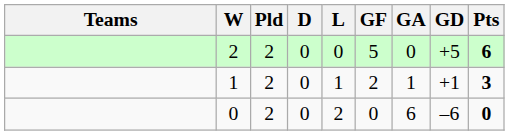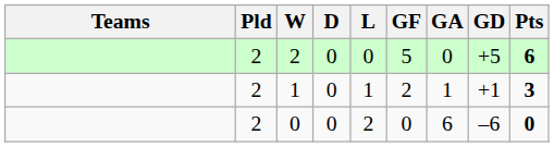 <table class="wikitable" style="text-align: center;">
 <tr>
 <th width=165>Teams</th>
+<th width=20>Pld</th>
 <th width=20>W</th>
-<th width=20>Pld</th>
 <th width=20>D</th>
 <th width=20>L</th>
 <th width=20>GF</th>
 <th width=20>GA</th>
 <th width=20>GD</th>
 <th width=20>Pts</th>
 </tr>
 <tr align=center style="background:#ccffcc;">
 <td style="text-align:left;"></td>
 <td>2</td>
 <td>2</td>
 <td>0</td>
 <td>0</td>
 <td>5</td>
 <td>0</td>
 <td>+5</td>
 <td><strong>6</strong></td>
 </tr>
 <tr align=center>
 <td style="text-align:left;"></td>
+<td>2</td>
 <td>1</td>
-<td>2</td>
 <td>0</td>
 <td>1</td>
 <td>2</td>
 <td>1</td>
 <td>+1</td>
 <td><strong>3</strong></td>
 </tr>
 <tr align=center>
 <td style="text-align:left;"></td>
+<td>2</td>
 <td>0</td>
-<td>2</td>
 <td>0</td>
 <td>2</td>
 <td>0</td>
 <td>6</td>
 <td>–6</td>
 <td><strong>0</strong></td>
 </tr>
 </table>
